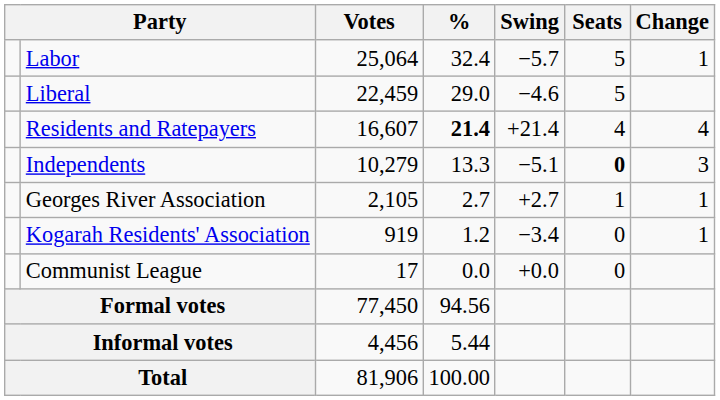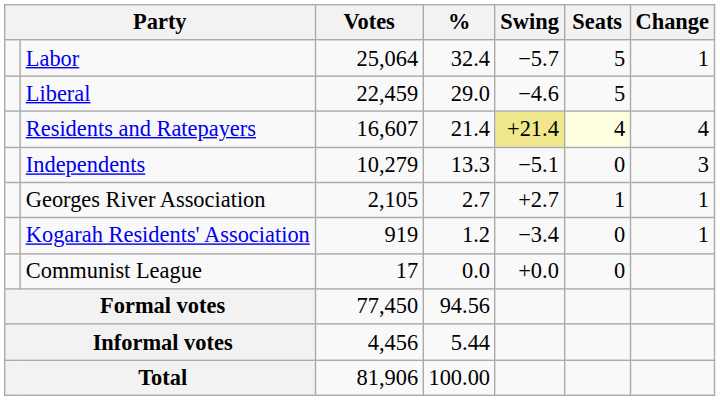 <table class="wikitable" style="text-align:right; margin-bottom:0">
 <tr>
 <th style="width:10px" colspan=3>Party</th>
 <th style="width:70px;">Votes</th>
 <th style="width:40px;">%</th>
 <th style="width:40px;">Swing</th>
 <th style="width:40px;">Seats</th>
 <th style="width:40px;">Change</th>
 </tr>
 <tr>
 <td> </td>
 <td style="text-align:left;" colspan="2"><a href='#'>Labor</a></td>
 <td>25,064</td>
 <td>32.4</td>
 <td>−5.7</td>
 <td>5</td>
 <td> 1</td>
 </tr>
 <tr>
 <td> </td>
 <td style="text-align:left;" colspan="2"><a href='#'>Liberal</a></td>
 <td>22,459</td>
 <td>29.0</td>
 <td>−4.6</td>
 <td>5</td>
 <td></td>
 </tr>
 <tr>
 <td> </td>
 <td style="text-align:left;" colspan="2"><a href='#'>Residents and Ratepayers</a></td>
 <td>16,607</td>
-<td><strong>21.4</strong></td>
-<td>+21.4</td>
-<td>4</td>
+<td>21.4</td>
+<td style="background: khaki;">+21.4</td>
+<td style="background: lightyellow;">4</td>
 <td> 4</td>
 </tr>
 <tr>
 <td> </td>
 <td style="text-align:left;" colspan="2"><a href='#'>Independents</a></td>
 <td>10,279</td>
 <td>13.3</td>
 <td>−5.1</td>
-<td><strong>0</strong></td>
+<td>0</td>
 <td> 3</td>
 </tr>
 <tr>
 <td> </td>
 <td style="text-align:left;" colspan="2">Georges River Association</td>
 <td>2,105</td>
 <td>2.7</td>
 <td>+2.7</td>
 <td>1</td>
 <td> 1</td>
 </tr>
 <tr>
 <td> </td>
 <td style="text-align:left;" colspan="2"><a href='#'>Kogarah Residents' Association</a></td>
 <td>919</td>
 <td>1.2</td>
 <td>−3.4</td>
 <td>0</td>
 <td> 1</td>
 </tr>
 <tr>
 <td> </td>
 <td style="text-align:left;" colspan="2">Communist League</td>
 <td>17</td>
 <td>0.0</td>
 <td>+0.0</td>
 <td>0</td>
 <td></td>
 </tr>
 <tr>
 <th colspan="3" rowspan="1"> Formal votes</th>
 <td>77,450</td>
 <td>94.56</td>
 <td></td>
 <td></td>
 <td></td>
 </tr>
 <tr>
 <th colspan="3" rowspan="1"> Informal votes</th>
 <td>4,456</td>
 <td>5.44</td>
 <td></td>
 <td></td>
 <td></td>
 </tr>
 <tr>
 <th colspan="3" rowspan="1"> <strong>Total </strong></th>
 <td>81,906</td>
 <td>100.00</td>
 <td></td>
 <td></td>
 <td></td>
 </tr>
 </table>
